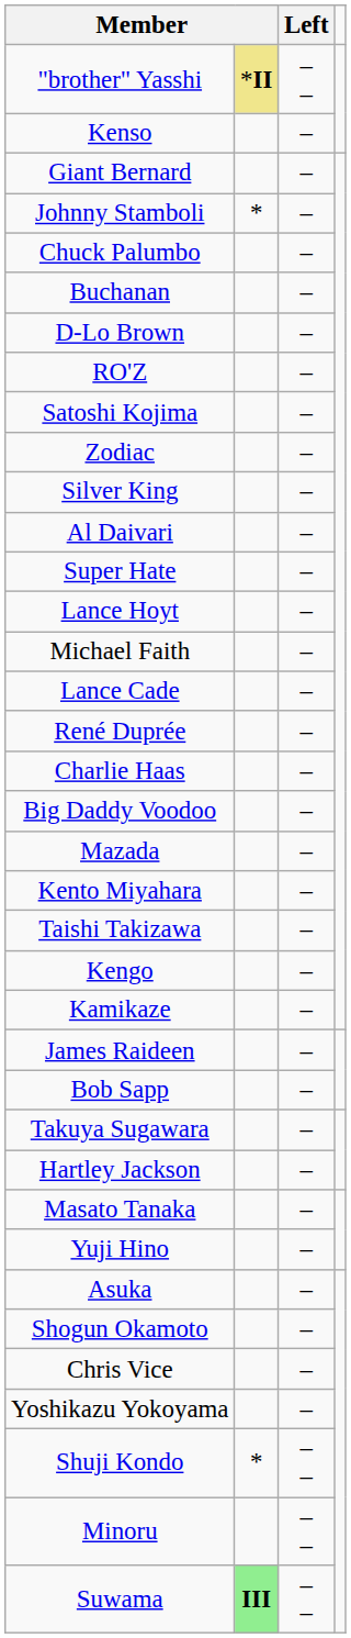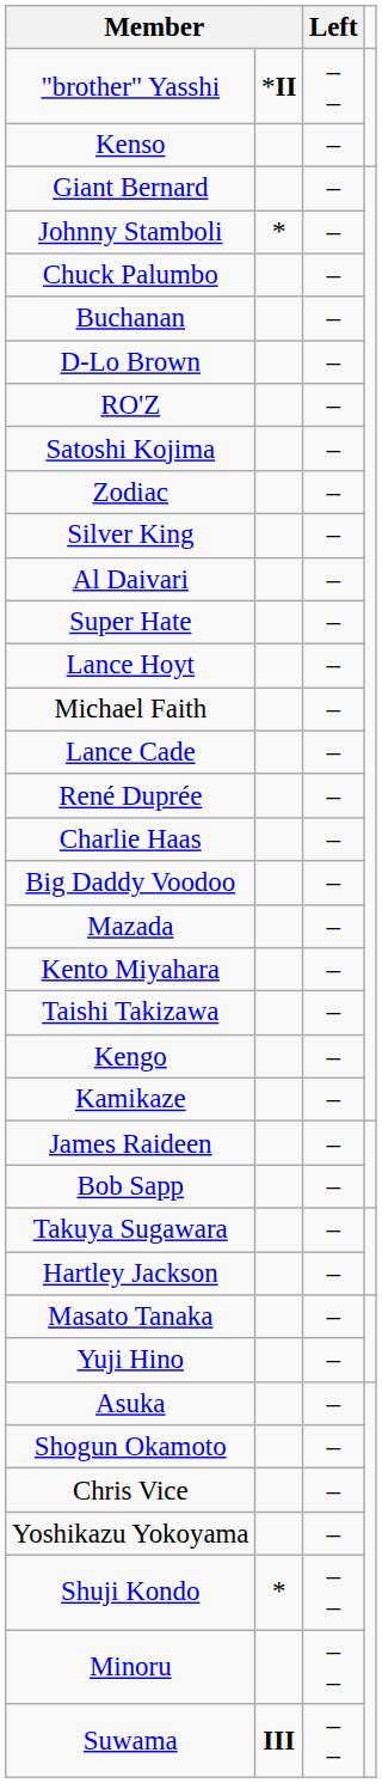 <table class="wikitable sortable" style="text-align:center;">
 <tr>
 <th colspan="2">Member</th>
 <th>Left</th>
 </tr>
 <tr>
 <td><a href='#'>"brother" Yasshi</a></td>
-<td style="background: khaki;">*<strong>II</strong></td>
+<td>*<strong>II</strong></td>
 <td>–<br>–</td>
 <td rowspan=2></td>
 </tr>
 <tr>
 <td><a href='#'>Kenso</a></td>
 <td></td>
 <td>–</td>
 </tr>
 <tr>
 <td><a href='#'>Giant Bernard</a></td>
 <td></td>
 <td>–</td>
 </tr>
 <tr>
 <td><a href='#'>Johnny Stamboli</a></td>
 <td>*</td>
 <td>–</td>
 </tr>
 <tr>
 <td><a href='#'>Chuck Palumbo</a></td>
 <td></td>
 <td>–</td>
 </tr>
 <tr>
 <td><a href='#'>Buchanan</a></td>
 <td></td>
 <td>–</td>
 </tr>
 <tr>
 <td><a href='#'>D-Lo Brown</a></td>
 <td></td>
 <td>–</td>
 </tr>
 <tr>
 <td><a href='#'>RO'Z</a></td>
 <td></td>
 <td>–</td>
 </tr>
 <tr>
 <td><a href='#'>Satoshi Kojima</a></td>
 <td></td>
 <td>–</td>
 </tr>
 <tr>
 <td><a href='#'>Zodiac</a></td>
 <td></td>
 <td>–</td>
 </tr>
 <tr>
 <td><a href='#'>Silver King</a></td>
 <td></td>
 <td>–</td>
 </tr>
 <tr>
 <td><a href='#'>Al Daivari</a></td>
 <td></td>
 <td>–</td>
 </tr>
 <tr>
 <td><a href='#'>Super Hate</a></td>
 <td></td>
 <td>–</td>
 </tr>
 <tr>
 <td><a href='#'>Lance Hoyt</a></td>
 <td></td>
 <td>–</td>
 </tr>
 <tr>
 <td>Michael Faith</td>
 <td></td>
 <td>–</td>
 </tr>
 <tr>
 <td><a href='#'>Lance Cade</a></td>
 <td></td>
 <td>–</td>
 </tr>
 <tr>
 <td><a href='#'>René Duprée</a></td>
 <td></td>
 <td>–</td>
 </tr>
 <tr>
 <td><a href='#'>Charlie Haas</a></td>
 <td></td>
 <td>–</td>
 </tr>
 <tr>
 <td><a href='#'>Big Daddy Voodoo</a></td>
 <td></td>
 <td>–</td>
 </tr>
 <tr>
 <td><a href='#'>Mazada</a></td>
 <td></td>
 <td>–</td>
 </tr>
 <tr>
 <td><a href='#'>Kento Miyahara</a></td>
 <td></td>
 <td>–</td>
 </tr>
 <tr>
 <td><a href='#'>Taishi Takizawa</a></td>
 <td></td>
 <td>–</td>
 </tr>
 <tr>
 <td><a href='#'>Kengo</a></td>
 <td></td>
 <td>–</td>
 </tr>
 <tr>
 <td><a href='#'>Kamikaze</a></td>
 <td></td>
 <td>–</td>
 </tr>
 <tr>
 <td><a href='#'>James Raideen</a></td>
 <td></td>
 <td>–</td>
 <td rowspan=2></td>
 </tr>
 <tr>
 <td><a href='#'>Bob Sapp</a></td>
 <td></td>
 <td>–</td>
 </tr>
 <tr>
 <td><a href='#'>Takuya Sugawara</a></td>
 <td></td>
 <td>–</td>
 </tr>
 <tr>
 <td><a href='#'>Hartley Jackson</a></td>
 <td></td>
 <td>–</td>
 </tr>
 <tr>
 <td><a href='#'>Masato Tanaka</a></td>
 <td></td>
 <td>–</td>
 <td rowspan=2></td>
 </tr>
 <tr>
 <td><a href='#'>Yuji Hino</a></td>
 <td></td>
 <td>–</td>
 </tr>
 <tr>
 <td><a href='#'>Asuka</a></td>
 <td></td>
 <td>–</td>
 </tr>
 <tr>
 <td><a href='#'>Shogun Okamoto</a></td>
 <td></td>
 <td>–</td>
 </tr>
 <tr>
 <td>Chris Vice</td>
 <td></td>
 <td>–</td>
 </tr>
 <tr>
 <td>Yoshikazu Yokoyama</td>
 <td></td>
 <td>–</td>
 </tr>
 <tr>
 <td><a href='#'>Shuji Kondo</a></td>
 <td>*</td>
 <td>–<br>–</td>
 </tr>
 <tr>
 <td><a href='#'>Minoru</a></td>
 <td></td>
 <td>–<br>–</td>
 </tr>
 <tr>
 <td><a href='#'>Suwama</a></td>
-<td style="background: lightgreen;"><strong>III</strong></td>
+<td><strong>III</strong></td>
 <td>–<br>–</td>
 </tr>
 </table>
